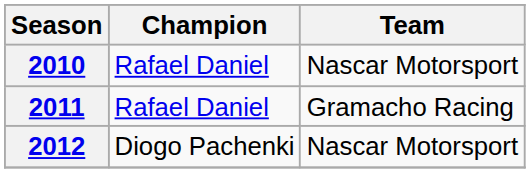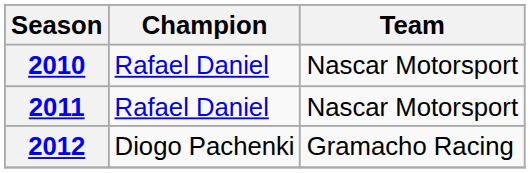 <table class="wikitable" style="font-size: 85%;">
 <tr>
 <th>Season</th>
 <th>Champion</th>
 <th>Team</th>
 </tr>
 <tr>
 <th><a href='#'>2010</a></th>
 <td><a href='#'>Rafael Daniel</a></td>
 <td>Nascar Motorsport</td>
 </tr>
 <tr>
 <th><a href='#'>2011</a></th>
 <td><a href='#'>Rafael Daniel</a></td>
-<td>Gramacho Racing</td>
+<td>Nascar Motorsport</td>
 </tr>
 <tr>
 <th><a href='#'>2012</a></th>
 <td>Diogo Pachenki</td>
-<td>Nascar Motorsport</td>
+<td>Gramacho Racing</td>
 </tr>
 <tr>
 </tr>
 </table>
